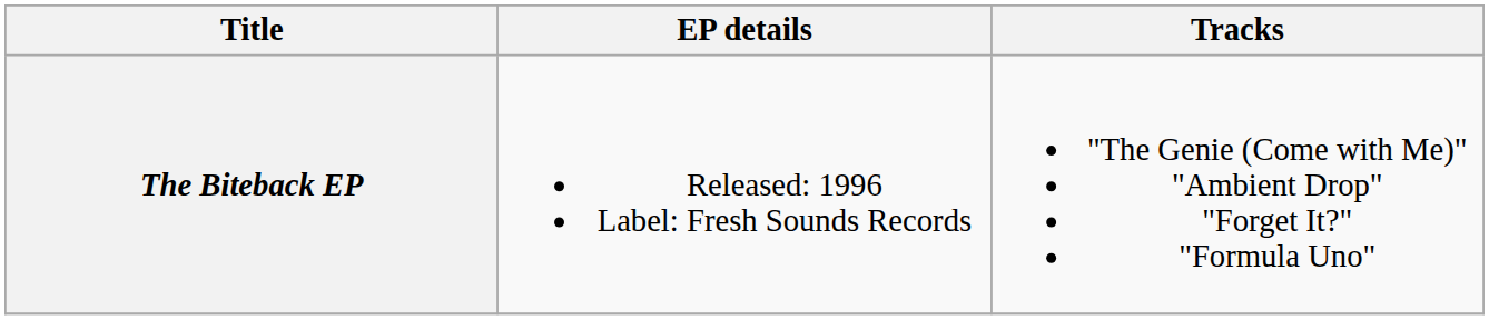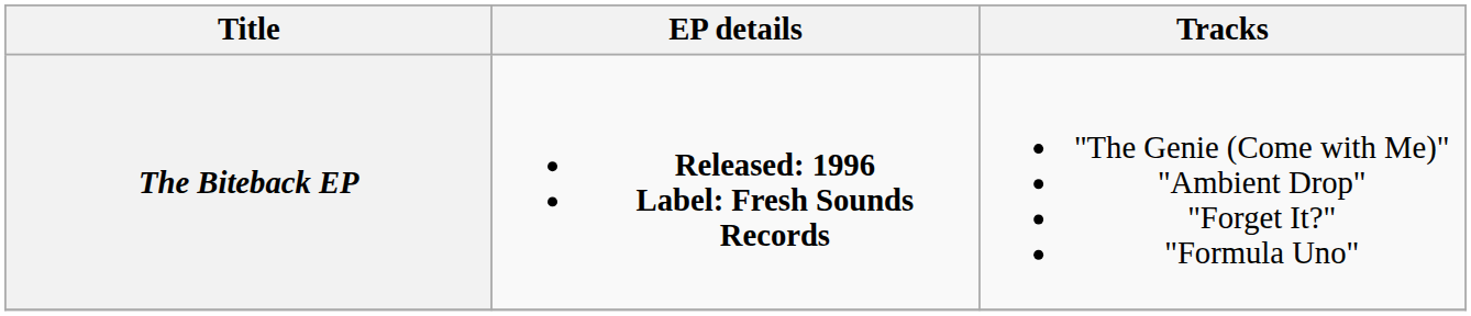 <table class="wikitable plainrowheaders" style="text-align:center;">
 <tr>
 <th scope="col" rowspan="1" style="width:15em;">Title</th>
 <th scope="col" rowspan="1" style="width:15em;">EP details</th>
 <th scope="col" rowspan="1" style="width:15em;">Tracks</th>
 </tr>
 <tr>
 <th scope="row"><em>The Biteback EP</em></th>
-<td><br><ul><li>Released: 1996</li><li>Label: Fresh Sounds Records</li></ul></td>
+<td><strong><br><ul><li>Released: 1996</li><li>Label: Fresh Sounds Records</li></ul></strong></td>
 <td><br><ul><li>"The Genie (Come with Me)"</li><li>"Ambient Drop"</li><li>"Forget It?"</li><li>"Formula Uno"</li></ul></td>
 </tr>
 <tr>
 </tr>
 </table>
